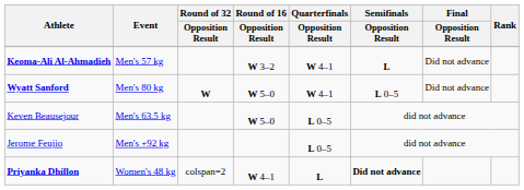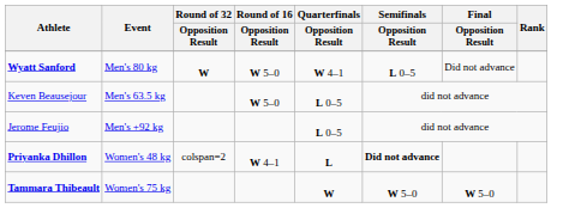 <table class="wikitable" style="font-size:90%;">
 <tr>
 <th rowspan=2>Athlete</th>
 <th rowspan=2>Event</th>
 <th>Round of 32</th>
 <th>Round of 16</th>
 <th>Quarterfinals</th>
 <th>Semifinals</th>
 <th>Final</th>
 <th rowspan=2>Rank</th>
 </tr>
 <tr style="font-size:95%">
 <th>Opposition<br>Result</th>
 <th>Opposition<br>Result</th>
 <th>Opposition<br>Result</th>
 <th>Opposition<br>Result</th>
 <th>Opposition<br>Result</th>
 </tr>
 <tr align=center>
-</tr>
-<tr align=center>
-<td align=left><strong><a href='#'>Keoma-Ali Al-Ahmadieh</a></strong></td>
-<td align=left><a href='#'>Men's 57 kg</a></td>
-<td></td>
-<td><br><strong>W</strong> 3–2</td>
-<td><br><strong>W</strong> 4–1</td>
-<td><br><strong>L</strong> </td>
-<td>Did not advance</td>
-<td></td>
 </tr>
 <tr align=center>
 <td align=left><strong><a href='#'>Wyatt Sanford</a></strong></td>
 <td align=left><a href='#'>Men's 80 kg</a></td>
 <td><br><strong>W</strong> </td>
 <td><br><strong>W</strong> 5–0</td>
 <td><br><strong>W</strong> 4–1</td>
 <td><br><strong>L</strong> 0–5</td>
 <td>Did not advance</td>
 <td></td>
 </tr>
 <tr align=center>
 <td align=left><a href='#'>Keven Beausejour</a></td>
 <td align=left><a href='#'>Men's 63.5 kg</a></td>
 <td></td>
 <td><br><strong>W</strong> 5–0</td>
 <td><br><strong>L</strong> 0–5</td>
 <td colspan=3>did not advance</td>
 </tr>
 <tr align=center>
 <td align=left><a href='#'>Jerome Feujio</a></td>
 <td align=left><a href='#'>Men's +92 kg</a></td>
 <td></td>
 <td></td>
 <td><br><strong>L</strong> 0–5</td>
 <td colspan=3>did not advance</td>
 </tr>
 <tr align=center>
 <td align=left><strong><a href='#'>Priyanka Dhillon</a></strong></td>
 <td align=left><a href='#'>Women's 48 kg</a></td>
 <td>colspan=2 </td>
 <td><br><strong>W</strong> 4–1</td>
 <td><br><strong>L</strong> </td>
 <td><strong>Did not advance</strong></td>
 <td></td>
 </tr>
+<tr align=center>
+<td align=left><strong><a href='#'>Tammara Thibeault</a></strong></td>
+<td align=left><a href='#'>Women's 75 kg</a></td>
+<td></td>
+<td></td>
+<td><br><strong>W</strong> </td>
+<td><br><strong>W</strong> 5–0</td>
+<td><br><strong>W</strong> 5–0</td>
+<td></td>
+</tr>
 </table>
